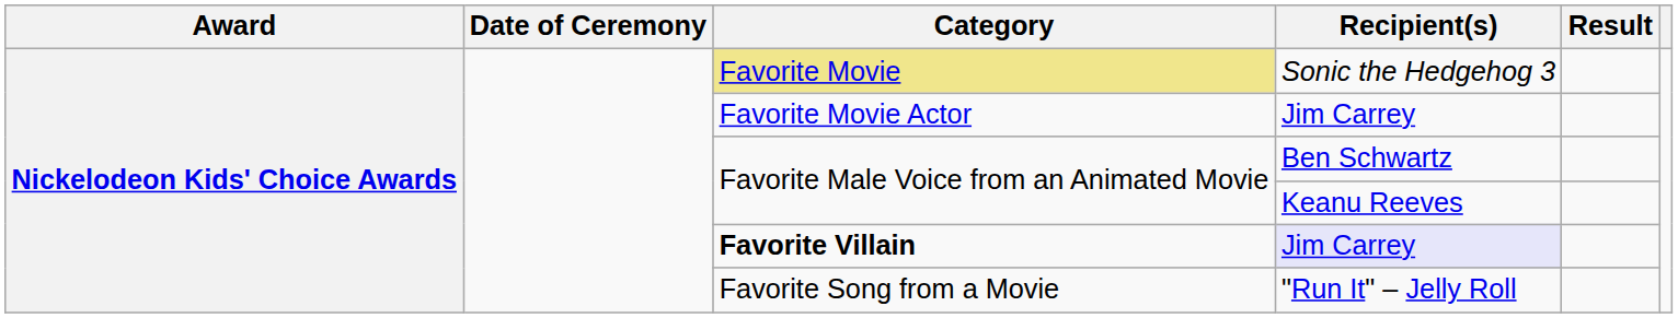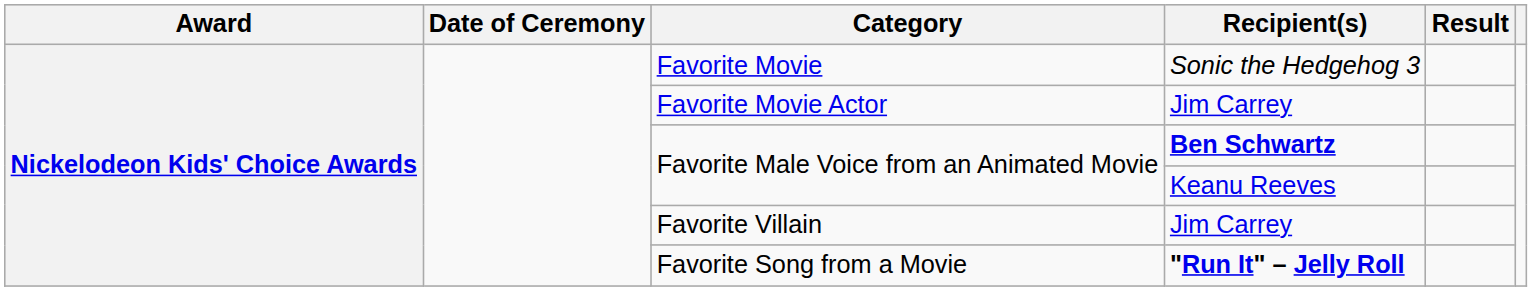 <table class="wikitable sortable plainrowheaders col6center">
 <tr>
 <th scope="col">Award</th>
 <th scope="col">Date of Ceremony</th>
 <th scope="col">Category</th>
 <th scope="col">Recipient(s)</th>
 <th scope="col">Result</th>
 <th scope="col" class="unsortable"></th>
 </tr>
 <tr>
 <th rowspan="6" scope="rowgroup"><a href='#'>Nickelodeon Kids' Choice Awards</a></th>
 <td rowspan="6"><a href='#'></a></td>
-<td style="background: khaki;"><a href='#'>Favorite Movie</a></td>
+<td><a href='#'>Favorite Movie</a></td>
 <td><em>Sonic the Hedgehog 3</em></td>
 <td></td>
 <td rowspan=6></td>
 </tr>
 <tr>
 <td><a href='#'>Favorite Movie Actor</a></td>
 <td data-sort-value="Carrey, Jim"><a href='#'>Jim Carrey</a></td>
 <td></td>
 </tr>
 <tr>
 <td rowspan=2>Favorite Male Voice from an Animated Movie</td>
-<td data-sort-value="Schwartz, Ben"><a href='#'>Ben Schwartz</a></td>
+<td data-sort-value="Schwartz, Ben"><strong><a href='#'>Ben Schwartz</a></strong></td>
 <td></td>
 </tr>
 <tr>
 <td data-sort-value="Reeves, Keanu"><a href='#'>Keanu Reeves</a></td>
 <td></td>
 </tr>
 <tr>
-<td><strong>Favorite Villain</strong></td>
-<td data-sort-value="Carrey, Jim" style="background: lavender;"><a href='#'>Jim Carrey</a></td>
+<td>Favorite Villain</td>
+<td data-sort-value="Carrey, Jim"><a href='#'>Jim Carrey</a></td>
 <td></td>
 </tr>
 <tr>
 <td>Favorite Song from a Movie</td>
-<td>"<a href='#'>Run It</a>" – <a href='#'>Jelly Roll</a></td>
+<td><strong>"<a href='#'>Run It</a>" – <a href='#'>Jelly Roll</a></strong></td>
 <td></td>
 </tr>
 </table>
